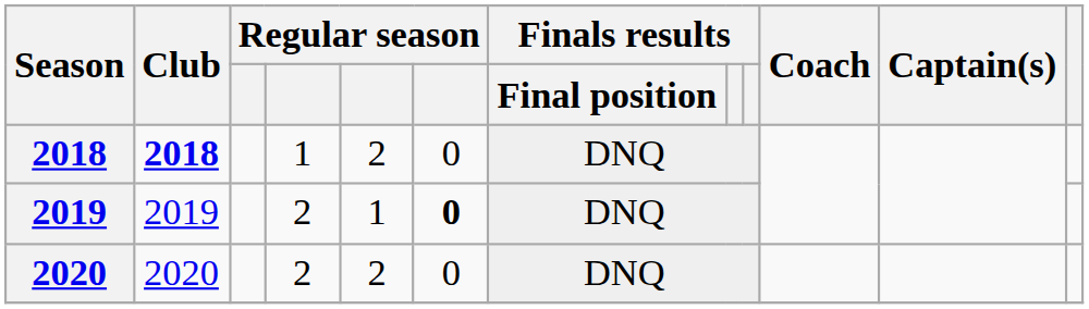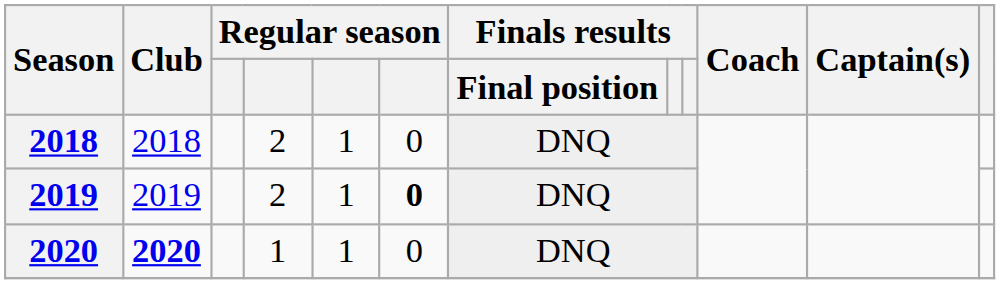 <table class="wikitable sortable plainrowheaders" style="text-align:center;">
 <tr>
 <th scope="col" rowspan=2>Season</th>
 <th scope="col" class="unsortable" rowspan=2>Club</th>
 <th scope="col" colspan="4">Regular season</th>
 <th scope="col" colspan="3">Finals results</th>
 <th scope="col" rowspan=2>Coach</th>
 <th scope="col" rowspan=2>Captain(s)</th>
 <th scope="col" class="unsortable" rowspan=2></th>
 </tr>
 <tr>
 <th scope="col"></th>
 <th scope="col"></th>
 <th scope="col"></th>
 <th scope="col"></th>
 <th scope="col">Final position</th>
 <th scope="col"></th>
 <th scope="col"></th>
 </tr>
 <tr>
 <th scope="row" style="text-align:center;"><a href='#'>2018</a></th>
-<td><strong><a href='#'>2018</a></strong></td>
+<td><a href='#'>2018</a></td>
 <td></td>
+<td>2</td>
 <td>1</td>
-<td>2</td>
 <td>0</td>
 <td colspan=3 style="background:#efefef;">DNQ</td>
 <td rowspan=2></td>
 <td rowspan=2></td>
 <td></td>
 </tr>
 <tr>
 <th scope="row" style="text-align:center;"><a href='#'>2019</a></th>
 <td><a href='#'>2019</a></td>
 <td></td>
 <td>2</td>
 <td>1</td>
 <td><strong>0</strong></td>
 <td colspan=3 style="background:#efefef;">DNQ</td>
 <td></td>
 </tr>
 <tr>
 <th scope="row" style="text-align:center;"><a href='#'>2020</a></th>
-<td><a href='#'>2020</a></td>
+<td><strong><a href='#'>2020</a></strong></td>
 <td></td>
-<td>2</td>
-<td>2</td>
+<td>1</td>
+<td>1</td>
 <td>0</td>
 <td colspan=3 style="background:#efefef;">DNQ</td>
 <td></td>
 <td></td>
 <td></td>
 </tr>
 <tr>
 </tr>
 </table>
